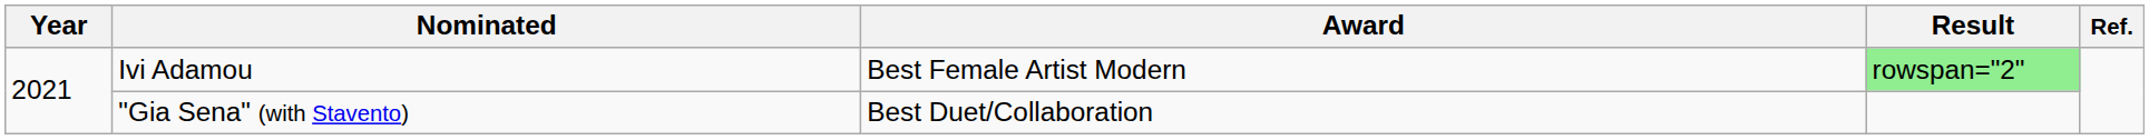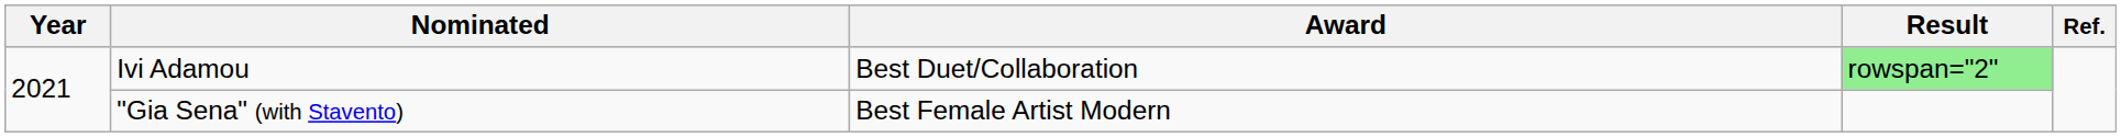 <table class="wikitable" style="width:100%;">
 <tr>
 <th style="width:5%;">Year</th>
 <th style="width:35%;">Nominated</th>
 <th style="width:47%;">Award</th>
 <th style="width:10%;">Result</th>
 <th style="width:3%;"><small>Ref.</small></th>
 </tr>
 <tr>
 <td rowspan="2">2021</td>
 <td>Ivi Adamou</td>
-<td>Best Female Artist Modern</td>
+<td>Best Duet/Collaboration</td>
 <td style="background: lightgreen;">rowspan="2" </td>
 <td rowspan="2" align="center"></td>
 </tr>
 <tr>
 <td>"Gia Sena" <small>(with <a href='#'>Stavento</a>)</small></td>
-<td>Best Duet/Collaboration</td>
+<td>Best Female Artist Modern</td>
 </tr>
 </table>
